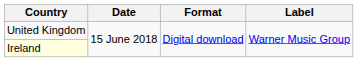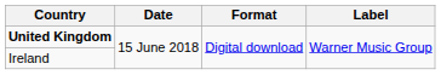 <table class="wikitable">
 <tr>
 <th>Country</th>
 <th>Date</th>
 <th>Format</th>
 <th>Label</th>
 </tr>
 <tr>
-<td>United Kingdom</td>
+<td><strong>United Kingdom</strong></td>
 <td rowspan="2">15 June 2018</td>
 <td rowspan="2"><a href='#'>Digital download</a></td>
 <td rowspan="2"><a href='#'>Warner Music Group</a></td>
 </tr>
 <tr>
-<td style="background: lightyellow;">Ireland</td>
+<td>Ireland</td>
 </tr>
 </table>
